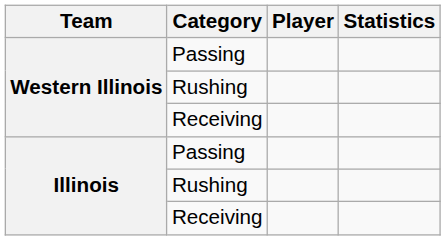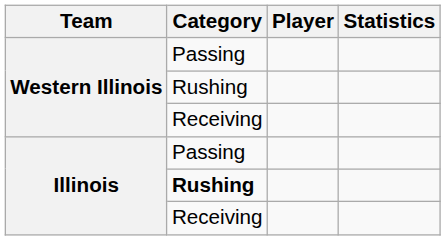 <table class="wikitable" style="float:right">
 <tr>
 <th>Team</th>
 <th>Category</th>
 <th>Player</th>
 <th>Statistics</th>
 </tr>
 <tr>
 <th rowspan=3>Western Illinois</th>
 <td>Passing</td>
 <td></td>
 <td></td>
 </tr>
 <tr>
 <td>Rushing</td>
 <td></td>
 <td></td>
 </tr>
 <tr>
 <td>Receiving</td>
 <td></td>
 <td></td>
 </tr>
 <tr>
 <th rowspan=3>Illinois</th>
 <td>Passing</td>
 <td></td>
 <td></td>
 </tr>
 <tr>
-<td>Rushing</td>
+<td><strong>Rushing</strong></td>
 <td></td>
 <td></td>
 </tr>
 <tr>
 <td>Receiving</td>
 <td></td>
 <td></td>
 </tr>
 </table>
